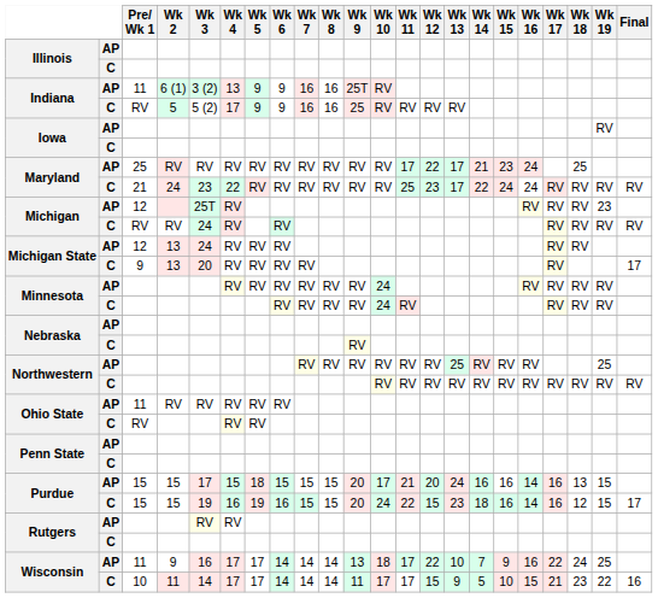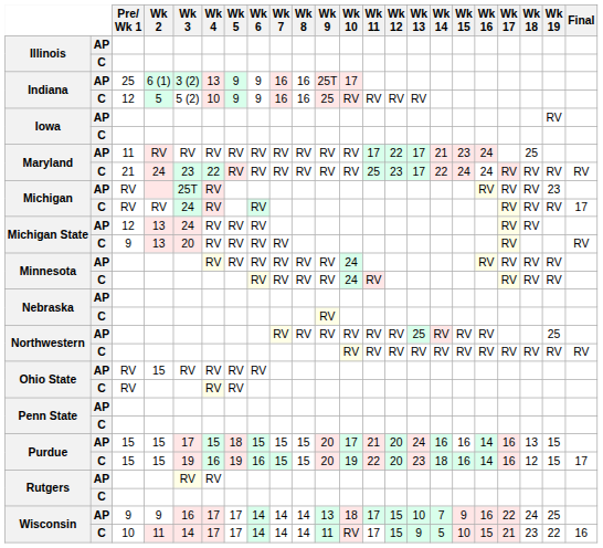 <table class="wikitable" style="white-space:nowrap;font-size:90%;text-align:center;">
 <tr>
 <th colspan=2 style="background:white; border-top-style:hidden; border-left-style:hidden;"> </th>
 <th>Pre/<br>Wk 1</th>
 <th>Wk<br>2</th>
 <th>Wk<br>3</th>
 <th>Wk<br>4</th>
 <th>Wk<br>5</th>
 <th>Wk<br>6</th>
 <th>Wk<br>7</th>
 <th>Wk<br>8</th>
 <th>Wk<br>9</th>
 <th>Wk<br>10</th>
 <th>Wk<br>11</th>
 <th>Wk<br>12</th>
 <th>Wk<br>13</th>
 <th>Wk<br>14</th>
 <th>Wk<br>15</th>
 <th>Wk<br>16</th>
 <th>Wk<br>17</th>
 <th>Wk<br>18</th>
 <th>Wk<br>19</th>
 <th>Final</th>
 </tr>
 <tr>
 <th rowspan=2 style="background:#">Illinois</th>
 <th>AP</th>
 <td style="background:#FFF;"></td>
 <td style="background:#FFF;"></td>
 <td style="background:#FFF;"></td>
 <td style="background:#FFF;"></td>
 <td style="background:#FFF;"></td>
 <td style="background:#FFF;"></td>
 <td style="background:#FFF;"></td>
 <td style="background:#FFF;"></td>
 <td style="background:#FFF;"></td>
 <td style="background:#FFF;"></td>
 <td style="background:#FFF;"></td>
 <td style="background:#FFF;"></td>
 <td style="background:#FFF;"></td>
 <td style="background:#FFF;"></td>
 <td style="background:#FFF;"></td>
 <td style="background:#FFF;"></td>
 <td style="background:#FFF;"></td>
 <td style="background:#FFF;"></td>
 <td style="background:#FFF;"></td>
 <td style="background:#FFF;"></td>
 </tr>
 <tr>
 <th>C</th>
 <td style="background:#FFF;"></td>
 <td style="background:#FFF;"></td>
 <td style="background:#FFF;"></td>
 <td style="background:#FFF;"></td>
 <td style="background:#FFF;"></td>
 <td style="background:#FFF;"></td>
 <td style="background:#FFF;"></td>
 <td style="background:#FFF;"></td>
 <td style="background:#FFF;"></td>
 <td style="background:#FFF;"></td>
 <td style="background:#FFF;"></td>
 <td style="background:#FFF;"></td>
 <td style="background:#FFF;"></td>
 <td style="background:#FFF;"></td>
 <td style="background:#FFF;"></td>
 <td style="background:#FFF;"></td>
 <td style="background:#FFF;"></td>
 <td style="background:#FFF;"></td>
 <td style="background:#FFF;"></td>
 <td style="background:#FFF;"></td>
 </tr>
 <tr>
 <th rowspan=2 style=>Indiana</th>
 <th>AP</th>
-<td style="background:#FFF;">11</td>
+<td style="background:#FFF;">25</td>
 <td style="background:#d8ffeb;">6 (1)</td>
 <td style="background:#d8ffeb;">3 (2)</td>
 <td style="background:#FFE6E6;">13</td>
 <td style="background:#d8ffeb;">9</td>
 <td style="background:#FFF;">9</td>
 <td style="background:#FFe6e6;">16</td>
 <td style="background:#FFF;">16</td>
 <td style="background:#FFe6e6;">25T</td>
-<td style="background:#FFe6e6;">RV</td>
+<td style="background:#FFe6e6;">17</td>
 <td style="background:#FFF;"></td>
 <td style="background:#FFF;"></td>
 <td style="background:#FFF;"></td>
 <td style="background:#FFF;"></td>
 <td style="background:#FFF;"></td>
 <td style="background:#FFF;"></td>
 <td style="background:#FFF;"></td>
 <td style="background:#FFF;"></td>
 <td style="background:#FFF;"></td>
 <td style="background:#FFF;"></td>
 </tr>
 <tr>
 <th>C</th>
-<td style="background:#FFF;">RV</td>
+<td style="background:#FFF;">12</td>
 <td style="background:#d8ffeb;">5</td>
 <td style="background:#FFF;">5 (2)</td>
-<td style="background:#FFe6e6;">17</td>
+<td style="background:#FFe6e6;">10</td>
 <td style="background:#d8ffeb;">9</td>
 <td style="background:#FFF;">9</td>
 <td style="background:#FFe6e6;">16</td>
 <td style="background:#FFF;">16</td>
 <td style="background:#FFe6e6;">25</td>
 <td style="background:#FFe6e6;">RV</td>
 <td style="background:#FFF;">RV</td>
 <td style="background:#FFF;">RV</td>
 <td style="background:#FFF;">RV</td>
 <td style="background:#FFF;"></td>
 <td style="background:#FFF;"></td>
 <td style="background:#FFF;"></td>
 <td style="background:#FFF;"></td>
 <td style="background:#FFF;"></td>
 <td style="background:#FFF;"></td>
 <td style="background:#FFF;"></td>
 </tr>
 <tr>
 <th rowspan=2 style=>Iowa</th>
 <th>AP</th>
 <td style="background:#FFF;"></td>
 <td style="background:#FFF;"></td>
 <td style="background:#FFF;"></td>
 <td style="background:#FFF;"></td>
 <td style="background:#FFF;"></td>
 <td style="background:#FFF;"></td>
 <td style="background:#FFF;"></td>
 <td style="background:#FFF;"></td>
 <td style="background:#FFF;"></td>
 <td style="background:#FFF;"></td>
 <td style="background:#FFF;"></td>
 <td style="background:#FFF;"></td>
 <td style="background:#FFF;"></td>
 <td style="background:#FFF;"></td>
 <td style="background:#FFF;"></td>
 <td style="background:#FFF;"></td>
 <td style="background:#FFF;"></td>
 <td style="background:#FFF;"></td>
 <td style="background:#FFF;">RV</td>
 <td style="background:#FFF;"></td>
 </tr>
 <tr>
 <th>C</th>
 <td style="background:#FFF;"></td>
 <td style="background:#FFF;"></td>
 <td style="background:#FFF;"></td>
 <td style="background:#FFF;"></td>
 <td style="background:#FFF;"></td>
 <td style="background:#FFF;"></td>
 <td style="background:#FFF;"></td>
 <td style="background:#FFF;"></td>
 <td style="background:#FFF;"></td>
 <td style="background:#FFF;"></td>
 <td style="background:#FFF;"></td>
 <td style="background:#FFF;"></td>
 <td style="background:#FFF;"></td>
 <td style="background:#FFF;"></td>
 <td style="background:#FFF;"></td>
 <td style="background:#FFF;"></td>
 <td style="background:#FFF;"></td>
 <td style="background:#FFF;"></td>
 <td style="background:#FFF;"></td>
 <td style="background:#FFF;"></td>
 </tr>
 <tr>
 <th rowspan=2 style=>Maryland</th>
 <th>AP</th>
-<td style="background:#FFF;">25</td>
+<td style="background:#FFF;">11</td>
 <td style="background:#FFe6e6;">RV</td>
 <td style="background:#FFF;">RV</td>
 <td style="background:#FFF;">RV</td>
 <td style="background:#FFF;">RV</td>
 <td style="background:#FFF;">RV</td>
 <td style="background:#FFF;">RV</td>
 <td style="background:#FFF;">RV</td>
 <td style="background:#FFF;">RV</td>
 <td style="background:#FFF;">RV</td>
 <td style="background:#d8ffeb">17</td>
 <td style="background:#d8ffeb;">22</td>
 <td style="background:#d8ffeb;">17</td>
 <td style="background:#FFe6e6;">21</td>
 <td style="background:#FFe6e6;">23</td>
 <td style="background:#FFe6e6;">24</td>
 <td style="background:#FFF;"></td>
 <td style="background:#FFF;">25</td>
 <td style="background:#FFF;"></td>
 <td style="background:#FFF;"></td>
 </tr>
 <tr>
 <th>C</th>
 <td style="background:#FFF;">21</td>
 <td style="background:#FFe6e6;">24</td>
 <td style="background:#d8ffeb;">23</td>
 <td style="background:#d8ffeb;">22</td>
 <td style="background:#FFe6e6;">RV</td>
 <td style="background:#FFF;">RV</td>
 <td style="background:#FFF;">RV</td>
 <td style="background:#FFF;">RV</td>
 <td style="background:#FFF;">RV</td>
 <td style="background:#FFF;">RV</td>
 <td style="background:#d8ffeb;">25</td>
 <td style="background:#d8ffeb;">23</td>
 <td style="background:#d8ffeb;">17</td>
 <td style="background:#FFe6e6;">22</td>
 <td style="background:#FFe6e6;">24</td>
 <td style="background:#FFF;">24</td>
 <td style="background:#FFe6e6;">RV</td>
 <td style="background:#FFF;">RV</td>
 <td style="background:#FFF;">RV</td>
 <td style="background:#FFF;">RV</td>
 </tr>
 <tr>
 <th rowspan=2 style=>Michigan</th>
 <th>AP</th>
-<td style="background:#FFF;">12</td>
+<td style="background:#FFF;">RV</td>
 <td style="background:#FFe6e6;"></td>
 <td style="background:#d8ffeb;">25T</td>
 <td style="background:#FFe6e6;">RV</td>
 <td style="background:#FFF;"></td>
 <td style="background:#FFF;"></td>
 <td style="background:#FFF;"></td>
 <td style="background:#FFF;"></td>
 <td style="background:#FFF;"></td>
 <td style="background:#FFF;"></td>
 <td style="background:#FFF;"></td>
 <td style="background:#FFF;"></td>
 <td style="background:#FFF;"></td>
 <td style="background:#FFF;"></td>
 <td style="background:#FFF;"></td>
 <td style="background:#ffffe6;">RV</td>
 <td style="background:#FFF;">RV</td>
 <td style="background:#FFF;">RV</td>
 <td style="background:#FFF;">23</td>
 <td style="background:#FFF;"></td>
 </tr>
 <tr>
 <th>C</th>
 <td style="background:#FFF;">RV</td>
 <td style="background:#FFF;">RV</td>
 <td style="background:#d8ffeb;">24</td>
 <td style="background:#FFe6e6;">RV</td>
 <td style="background:#FFF;"></td>
 <td style="background:#d8ffeb;">RV</td>
 <td style="background:#FFF;"></td>
 <td style="background:#FFF;"></td>
 <td style="background:#FFF;"></td>
 <td style="background:#FFF;"></td>
 <td style="background:#FFF;"></td>
 <td style="background:#FFF;"></td>
 <td style="background:#FFF;"></td>
 <td style="background:#FFF;"></td>
 <td style="background:#FFF;"></td>
 <td style="background:#FFF;"></td>
 <td style="background:#ffffe6;">RV</td>
 <td style="background:#FFF;">RV</td>
 <td style="background:#FFF;">RV</td>
-<td style="background:#FFF;">RV</td>
+<td style="background:#FFF;">17</td>
 </tr>
 <tr>
 <th rowspan=2 style=>Michigan State</th>
 <th>AP</th>
 <td style="background:#FFF;">12</td>
 <td style="background:#FFe6e6;">13</td>
 <td style="background:#FFe6e6;">24</td>
 <td style="background:#FFF;">RV</td>
 <td style="background:#FFF;">RV</td>
 <td style="background:#FFF;">RV</td>
 <td style="background:#FFF;"></td>
 <td style="background:#FFF;"></td>
 <td style="background:#FFF;"></td>
 <td style="background:#FFF;"></td>
 <td style="background:#FFF;"></td>
 <td style="background:#FFF;"></td>
 <td style="background:#FFF;"></td>
 <td style="background:#FFF;"></td>
 <td style="background:#FFF;"></td>
 <td style="background:#FFF;"></td>
 <td style="background:#ffffe6;">RV</td>
 <td style="background:#FFF;">RV</td>
 <td style="background:#FFF;"></td>
 <td style="background:#FFF;"></td>
 </tr>
 <tr>
 <th>C</th>
 <td style="background:#FFF;">9</td>
 <td style="background:#FFe6e6;">13</td>
 <td style="background:#FFe6e6;">20</td>
 <td style="background:#FFF;">RV</td>
 <td style="background:#FFF;">RV</td>
 <td style="background:#FFF;">RV</td>
 <td style="background:#FFF;">RV</td>
 <td style="background:#FFF;"></td>
 <td style="background:#FFF;"></td>
 <td style="background:#FFF;"></td>
 <td style="background:#FFF;"></td>
 <td style="background:#FFF;"></td>
 <td style="background:#FFF;"></td>
 <td style="background:#FFF;"></td>
 <td style="background:#FFF;"></td>
 <td style="background:#FFF;"></td>
 <td style="background:#ffffe6;">RV</td>
 <td style="background:#FFF;"></td>
 <td style="background:#FFF;"></td>
-<td style="background:#FFF;">17</td>
+<td style="background:#FFF;">RV</td>
 </tr>
 <tr>
 <th rowspan=2 style=>Minnesota</th>
 <th>AP</th>
 <td style="background:#FFF;"></td>
 <td style="background:#FFF;"></td>
 <td style="background:#FFF;"></td>
 <td style="background:#ffffe6;">RV</td>
 <td style="background:#FFF;">RV</td>
 <td style="background:#FFF;">RV</td>
 <td style="background:#FFF;">RV</td>
 <td style="background:#FFF;">RV</td>
 <td style="background:#FFF;">RV</td>
 <td style="background:#d8ffeb;">24</td>
 <td style="background:#fff"></td>
 <td style="background:#FFF;"></td>
 <td style="background:#FFF;"></td>
 <td style="background:#FFF;"></td>
 <td style="background:#FFF;"></td>
 <td style="background:#ffffe6;">RV</td>
 <td style="background:#FFF;">RV</td>
 <td style="background:#FFF;">RV</td>
 <td style="background:#FFF;">RV</td>
 <td style="background:#FFF;"></td>
 </tr>
 <tr>
 <th>C</th>
 <td style="background:#FFF;"></td>
 <td style="background:#FFF;"></td>
 <td style="background:#FFF;"></td>
 <td style="background:#FFF;"></td>
 <td style="background:#FFF;"></td>
 <td style="background:#ffffe6;">RV</td>
 <td style="background:#FFF;">RV</td>
 <td style="background:#FFF;">RV</td>
 <td style="background:#FFF;">RV</td>
 <td style="background:#d8ffeb;">24</td>
 <td style="background:#FFe6e6;">RV</td>
 <td style="background:#FFF;"></td>
 <td style="background:#FFF;"></td>
 <td style="background:#FFF;"></td>
 <td style="background:#FFF;"></td>
 <td style="background:#FFF;"></td>
 <td style="background:#ffffe6;">RV</td>
 <td style="background:#FFF;">RV</td>
 <td style="background:#FFF;">RV</td>
 <td style="background:#FFF;"></td>
 </tr>
 <tr>
 <th rowspan=2 style=>Nebraska</th>
 <th>AP</th>
 <td style="background:#FFF;"></td>
 <td style="background:#FFF;"></td>
 <td style="background:#FFF;"></td>
 <td style="background:#FFF;"></td>
 <td style="background:#FFF;"></td>
 <td style="background:#FFF;"></td>
 <td style="background:#FFF;"></td>
 <td style="background:#FFF;"></td>
 <td style="background:#FFF;"></td>
 <td style="background:#FFF;"></td>
 <td style="background:#FFF;"></td>
 <td style="background:#FFF;"></td>
 <td style="background:#FFF;"></td>
 <td style="background:#FFF;"></td>
 <td style="background:#FFF;"></td>
 <td style="background:#FFF;"></td>
 <td style="background:#FFF;"></td>
 <td style="background:#FFF;"></td>
 <td style="background:#FFF;"></td>
 <td style="background:#FFF;"></td>
 </tr>
 <tr>
 <th>C</th>
 <td style="background:#FFF;"></td>
 <td style="background:#FFF;"></td>
 <td style="background:#FFF;"></td>
 <td style="background:#FFF;"></td>
 <td style="background:#FFF;"></td>
 <td style="background:#FFF;"></td>
 <td style="background:#FFF;"></td>
 <td style="background:#FFF;"></td>
 <td style="background:#ffffe6;">RV</td>
 <td style="background:#FFF;"></td>
 <td style="background:#FFF;"></td>
 <td style="background:#FFF;"></td>
 <td style="background:#FFF;"></td>
 <td style="background:#FFF;"></td>
 <td style="background:#FFF;"></td>
 <td style="background:#FFF;"></td>
 <td style="background:#FFF;"></td>
 <td style="background:#FFF;"></td>
 <td style="background:#FFF;"></td>
 <td style="background:#FFF;"></td>
 </tr>
 <tr>
 <th rowspan=2 style=>Northwestern</th>
 <th>AP</th>
 <td style="background:#FFF;"></td>
 <td style="background:#FFF;"></td>
 <td style="background:#FFF;"></td>
 <td style="background:#FFF;"></td>
 <td style="background:#FFF;"></td>
 <td style="background:#FFF;"></td>
 <td style="background:#ffffe6;">RV</td>
 <td style="background:#FFF;">RV</td>
 <td style="background:#FFF;">RV</td>
 <td style="background:#FFF;">RV</td>
 <td style="background:#FFF;">RV</td>
 <td style="background:#FFF;">RV</td>
 <td style="background:#d8ffeb;">25</td>
 <td style="background:#FFe6e6;">RV</td>
 <td style="background:#FFF;">RV</td>
 <td style="background:#FFF;">RV</td>
 <td style="background:#FFF;"></td>
 <td style="background:#FFF;"></td>
 <td style="background:#FFF;">25</td>
 <td style="background:#FFF;"></td>
 </tr>
 <tr>
 <th>C</th>
 <td style="background:#FFF;"></td>
 <td style="background:#FFF;"></td>
 <td style="background:#FFF;"></td>
 <td style="background:#FFF;"></td>
 <td style="background:#FFF;"></td>
 <td style="background:#FFF;"></td>
 <td style="background:#FFF;"></td>
 <td style="background:#FFF;"></td>
 <td style="background:#FFF;"></td>
 <td style="background:#ffffe6;">RV</td>
 <td style="background:#FFF;">RV</td>
 <td style="background:#FFF;">RV</td>
 <td style="background:#FFF;">RV</td>
 <td style="background:#FFF;">RV</td>
 <td style="background:#FFF;">RV</td>
 <td style="background:#FFF;">RV</td>
 <td style="background:#FFF;">RV</td>
 <td style="background:#FFF;">RV</td>
 <td style="background:#FFF;">RV</td>
 <td style="background:#FFF;">RV</td>
 </tr>
 <tr>
 <th rowspan=2 style=>Ohio State</th>
 <th>AP</th>
-<td style="background:#FFF;">11</td>
 <td style="background:#FFF;">RV</td>
+<td style="background:#FFF;">15</td>
 <td style="background:#FFF;">RV</td>
 <td style="background:#FFF;">RV</td>
 <td style="background:#FFF;">RV</td>
 <td style="background:#FFF;">RV</td>
 <td style="background:#FFF;"></td>
 <td style="background:#FFF;"></td>
 <td style="background:#FFF;"></td>
 <td style="background:#FFF;"></td>
 <td style="background:#FFF;"></td>
 <td style="background:#FFF;"></td>
 <td style="background:#FFF;"></td>
 <td style="background:#FFF;"></td>
 <td style="background:#FFF;"></td>
 <td style="background:#FFF;"></td>
 <td style="background:#FFF;"></td>
 <td style="background:#FFF;"></td>
 <td style="background:#FFF;"></td>
 <td style="background:#FFF;"></td>
 </tr>
 <tr>
 <th>C</th>
 <td style="background:#FFF;">RV</td>
 <td style="background:#FFf;"></td>
 <td style="background:#FFF;"></td>
 <td style="background:#ffffe6;">RV</td>
 <td style="background:#FFF;">RV</td>
 <td style="background:#FFF;"></td>
 <td style="background:#FFF;"></td>
 <td style="background:#FFF;"></td>
 <td style="background:#FFF;"></td>
 <td style="background:#FFF;"></td>
 <td style="background:#FFF;"></td>
 <td style="background:#FFF;"></td>
 <td style="background:#FFF;"></td>
 <td style="background:#FFF;"></td>
 <td style="background:#FFF;"></td>
 <td style="background:#FFF;"></td>
 <td style="background:#FFF;"></td>
 <td style="background:#FFF;"></td>
 <td style="background:#FFF;"></td>
 <td style="background:#FFF;"></td>
 </tr>
 <tr>
 <th rowspan=2 style=>Penn State</th>
 <th>AP</th>
 <td style="background:#FFF;"></td>
 <td style="background:#FFF;"></td>
 <td style="background:#FFF;"></td>
 <td style="background:#FFF;"></td>
 <td style="background:#FFF;"></td>
 <td style="background:#FFF;"></td>
 <td style="background:#FFF;"></td>
 <td style="background:#FFF;"></td>
 <td style="background:#FFF;"></td>
 <td style="background:#FFF;"></td>
 <td style="background:#FFF;"></td>
 <td style="background:#FFF;"></td>
 <td style="background:#FFF;"></td>
 <td style="background:#FFF;"></td>
 <td style="background:#FFF;"></td>
 <td style="background:#FFF;"></td>
 <td style="background:#FFF;"></td>
 <td style="background:#FFF;"></td>
 <td style="background:#FFF;"></td>
 <td style="background:#FFF;"></td>
 </tr>
 <tr>
 <th>C</th>
 <td style="background:#FFF;"></td>
 <td style="background:#FFF;"></td>
 <td style="background:#FFF;"></td>
 <td style="background:#FFF;"></td>
 <td style="background:#FFF;"></td>
 <td style="background:#FFF;"></td>
 <td style="background:#FFF;"></td>
 <td style="background:#FFF;"></td>
 <td style="background:#FFF;"></td>
 <td style="background:#FFF;"></td>
 <td style="background:#FFF;"></td>
 <td style="background:#FFF;"></td>
 <td style="background:#FFF;"></td>
 <td style="background:#FFF;"></td>
 <td style="background:#FFF;"></td>
 <td style="background:#FFF;"></td>
 <td style="background:#FFF;"></td>
 <td style="background:#FFF;"></td>
 <td style="background:#FFF;"></td>
 <td style="background:#FFF;"></td>
 </tr>
 <tr>
 <th rowspan=2 style=>Purdue</th>
 <th>AP</th>
 <td style="background:#FFF;">15</td>
 <td style="background:#FFF;">15</td>
 <td style="background:#FFe6e6;">17</td>
 <td style="background:#d8ffeb;">15</td>
 <td style="background:#FFe6e6;">18</td>
 <td style="background:#d8ffeb;">15</td>
 <td style="background:#FFF;">15</td>
 <td style="background:#FFF;">15</td>
 <td style="background:#FFe6e6;">20</td>
 <td style="background:#d8ffeb">17</td>
 <td style="background:#FFe6e6;">21</td>
 <td style="background:#d8ffeb;">20</td>
 <td style="background:#FFe6e6;">24</td>
 <td style="background:#d8ffeb;">16</td>
 <td style="background:#FFF;">16</td>
 <td style="background:#d8ffeb;">14</td>
 <td style="background:#FFe6e6;">16</td>
 <td style="background:#FFF;">13</td>
 <td style="background:#FFF;">15</td>
 <td style="background:#FFF;"></td>
 </tr>
 <tr>
 <th>C</th>
 <td style="background:#FFF;">15</td>
 <td style="background:#FFF;">15</td>
 <td style="background:#FFe6e6;">19</td>
 <td style="background:#d8ffeb;">16</td>
 <td style="background:#FFe6e6;">19</td>
 <td style="background:#d8ffeb;">16</td>
 <td style="background:#d8ffeb;">15</td>
 <td style="background:#FFF;">15</td>
 <td style="background:#FFe6e6;">20</td>
-<td style="background:#d8ffeb;">24</td>
+<td style="background:#d8ffeb;">19</td>
 <td style="background:#FFe6e6;">22</td>
-<td style="background:#d8ffeb;">15</td>
+<td style="background:#d8ffeb;">20</td>
 <td style="background:#FFe6e6;">23</td>
 <td style="background:#d8ffeb;">18</td>
 <td style="background:#d8ffeb;">16</td>
 <td style="background:#d8ffeb;">14</td>
 <td style="background:#FFe6e6;">16</td>
 <td style="background:#FFF;">12</td>
 <td style="background:#FFF;">15</td>
 <td style="background:#FFF;">17</td>
 </tr>
 <tr>
 <th rowspan=2 style=>Rutgers</th>
 <th>AP</th>
 <td style="background:#FFF;"></td>
 <td style="background:#FFF;"></td>
 <td style="background:#ffffe6;">RV</td>
 <td style="background:#FFF;">RV</td>
 <td style="background:#FFF;"></td>
 <td style="background:#FFF;"></td>
 <td style="background:#FFF;"></td>
 <td style="background:#FFF;"></td>
 <td style="background:#FFF;"></td>
 <td style="background:#FFF;"></td>
 <td style="background:#FFF;"></td>
 <td style="background:#FFF;"></td>
 <td style="background:#FFF;"></td>
 <td style="background:#FFF;"></td>
 <td style="background:#FFF;"></td>
 <td style="background:#FFF;"></td>
 <td style="background:#FFF;"></td>
 <td style="background:#FFF;"></td>
 <td style="background:#FFF;"></td>
 <td style="background:#FFF;"></td>
 </tr>
 <tr>
 <th>C</th>
 <td style="background:#FFF;"></td>
 <td style="background:#FFF;"></td>
 <td style="background:#FFF;"></td>
 <td style="background:#FFF;"></td>
 <td style="background:#FFF;"></td>
 <td style="background:#FFF;"></td>
 <td style="background:#FFF;"></td>
 <td style="background:#FFF;"></td>
 <td style="background:#FFF;"></td>
 <td style="background:#FFF;"></td>
 <td style="background:#FFF;"></td>
 <td style="background:#FFF;"></td>
 <td style="background:#FFF;"></td>
 <td style="background:#FFF;"></td>
 <td style="background:#FFF;"></td>
 <td style="background:#FFF;"></td>
 <td style="background:#FFF;"></td>
 <td style="background:#FFF;"></td>
 <td style="background:#FFF;"></td>
 <td style="background:#FFF;"></td>
 </tr>
 <tr>
 <th rowspan=2 style=>Wisconsin</th>
 <th>AP</th>
-<td style="background:#FFF;">11</td>
+<td style="background:#FFF;">9</td>
 <td style="background:#FFF;">9</td>
 <td style="background:#FFe6e6;">16</td>
 <td style="background:#FFe6e6;">17</td>
 <td style="background:#FFF;">17</td>
 <td style="background:#d8ffeb;">14</td>
 <td style="background:#FFF;">14</td>
 <td style="background:#FFF;">14</td>
 <td style="background:#d8ffeb;">13</td>
 <td style="background:#FFe6e6;">18</td>
 <td style="background:#d8ffeb">17</td>
-<td style="background:#d8ffeb;">22</td>
+<td style="background:#d8ffeb;">15</td>
 <td style="background:#d8ffeb;">10</td>
 <td style="background:#d8ffeb">7</td>
 <td style="background:#FFe6e6;">9</td>
 <td style="background:#FFe6e6;">16</td>
 <td style="background:#FFe6e6;">22</td>
 <td style="background:#FFF;">24</td>
 <td style="background:#FFF;">25</td>
 <td style="background:#FFF;"></td>
 </tr>
 <tr>
 <th>C</th>
 <td style="background:#FFF;">10</td>
 <td style="background:#FFe6e6;">11</td>
 <td style="background:#FFe6e6;">14</td>
 <td style="background:#FFe6e6;">17</td>
 <td style="background:#FFF;">17</td>
 <td style="background:#d8ffeb;">14</td>
 <td style="background:#FFF;">14</td>
 <td style="background:#FFF;">14</td>
 <td style="background:#d8ffeb;">11</td>
-<td style="background:#FFe6e6;">17</td>
+<td style="background:#FFe6e6;">RV</td>
 <td style="background:#FFF;">17</td>
 <td style="background:#d8ffeb;">15</td>
 <td style="background:#d8ffeb;">9</td>
 <td style="background:#d8ffeb;">5</td>
 <td style="background:#Ffe6e6;">10</td>
 <td style="background:#FFe6e6;">15</td>
 <td style="background:#FFe6e6;">21</td>
 <td style="background:#FFF;">23</td>
 <td style="background:#FFF;">22</td>
 <td style="background:#FFF;">16</td>
 </tr>
 </table>
